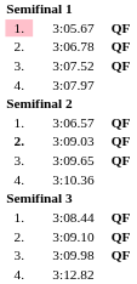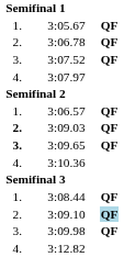 <table style="text-align:center">
 <tr>
 <td colspan=4 align=left><strong>Semifinal 1</strong></td>
 </tr>
 <tr>
-<td width=30 style="background: pink;">1.</td>
+<td width=30>1.</td>
 <td align=left></td>
 <td width=80>3:05.67</td>
 <td><strong>QF</strong></td>
 </tr>
 <tr>
 <td>2.</td>
 <td align=left></td>
 <td>3:06.78</td>
 <td><strong>QF</strong></td>
 </tr>
 <tr>
 <td>3.</td>
 <td align=left></td>
 <td>3:07.52</td>
 <td><strong>QF</strong></td>
 </tr>
 <tr>
 <td>4.</td>
 <td align=left></td>
 <td>3:07.97</td>
 <td></td>
 </tr>
 <tr>
 <td colspan=4 align=left><strong>Semifinal 2</strong></td>
 </tr>
 <tr>
 <td width=30>1.</td>
 <td align=left></td>
 <td width=80>3:06.57</td>
 <td><strong>QF</strong></td>
 </tr>
 <tr>
 <td><strong>2.</strong></td>
 <td align=left></td>
 <td>3:09.03</td>
 <td><strong>QF</strong></td>
 </tr>
 <tr>
-<td>3.</td>
+<td><strong>3.</strong></td>
 <td align=left></td>
 <td>3:09.65</td>
 <td><strong>QF</strong></td>
 </tr>
 <tr>
 <td>4.</td>
 <td align=left></td>
 <td>3:10.36</td>
 <td></td>
 </tr>
 <tr>
 <td colspan=4 align=left><strong>Semifinal 3</strong></td>
 </tr>
 <tr>
 <td width=30>1.</td>
 <td align=left></td>
 <td width=80>3:08.44</td>
 <td><strong>QF</strong></td>
 </tr>
 <tr>
 <td>2.</td>
 <td align=left></td>
 <td>3:09.10</td>
-<td><strong>QF</strong></td>
+<td style="background: lightblue;"><strong>QF</strong></td>
 </tr>
 <tr>
 <td>3.</td>
 <td align=left></td>
 <td>3:09.98</td>
 <td><strong>QF</strong></td>
 </tr>
 <tr>
 <td>4.</td>
 <td align=left></td>
 <td>3:12.82</td>
 <td></td>
 </tr>
 </table>
